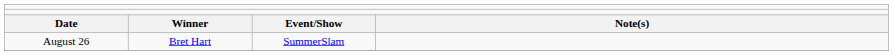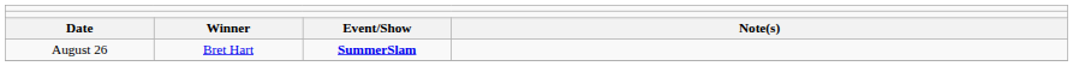 <table class="wikitable" style="text-align:center; width:100%;">
 <tr>
 <td colspan="5"></td>
 </tr>
 <tr>
 <td colspan="5"><strong></strong></td>
 </tr>
 <tr>
 <th width=14%>Date</th>
 <th width=14%>Winner</th>
 <th width=14%>Event/Show</th>
 <th width=58%>Note(s)</th>
 </tr>
 <tr>
 <td>August 26</td>
 <td><a href='#'>Bret Hart</a></td>
-<td><a href='#'>SummerSlam</a></td>
+<td><strong><a href='#'>SummerSlam</a></strong></td>
 <td align=left></td>
 </tr>
 <tr>
 </tr>
 </table>
